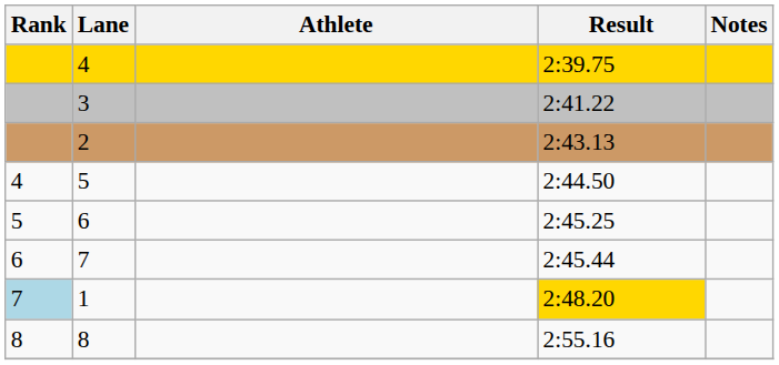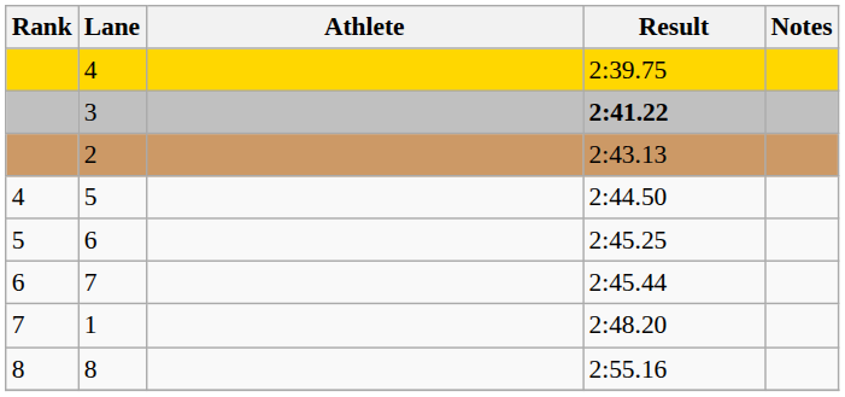 <table class="wikitable" style="font-size:95%" style="width:35em;" style="text-align:center">
 <tr>
 <th>Rank</th>
 <th>Lane</th>
 <th width=250>Athlete</th>
 <th width=100>Result</th>
 <th>Notes</th>
 </tr>
 <tr bgcolor=gold>
 <td></td>
 <td>4</td>
 <td align=left></td>
 <td>2:39.75</td>
 <td></td>
 </tr>
 <tr bgcolor=silver>
 <td></td>
 <td>3</td>
 <td align=left></td>
-<td>2:41.22</td>
+<td><strong>2:41.22</strong></td>
 <td></td>
 </tr>
 <tr bgcolor=cc9966>
 <td></td>
 <td>2</td>
 <td align=left></td>
 <td>2:43.13</td>
 <td></td>
 </tr>
 <tr>
 <td>4</td>
 <td>5</td>
 <td align=left></td>
 <td>2:44.50</td>
 <td></td>
 </tr>
 <tr>
 <td>5</td>
 <td>6</td>
 <td align=left></td>
 <td>2:45.25</td>
 <td></td>
 </tr>
 <tr>
 <td>6</td>
 <td>7</td>
 <td align=left></td>
 <td>2:45.44</td>
 <td></td>
 </tr>
 <tr>
-<td style="background: lightblue;">7</td>
+<td>7</td>
 <td>1</td>
 <td align=left></td>
-<td style="background: gold;">2:48.20</td>
+<td>2:48.20</td>
 <td></td>
 </tr>
 <tr>
 <td>8</td>
 <td>8</td>
 <td align=left></td>
 <td>2:55.16</td>
 <td></td>
 </tr>
 <tr>
 </tr>
 </table>
